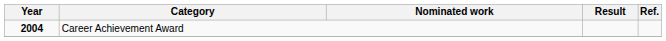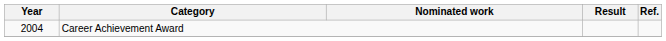 <table class=wikitable>
 <tr>
 <th scope="col" style="width:5em;">Year</th>
 <th scope="col" style="width:26em;">Category</th>
 <th scope="col" style="width:25em;">Nominated work</th>
 <th scope="col" style="width:5em;">Result</th>
 <th>Ref.</th>
 </tr>
 <tr>
-<td style="text-align:center;"><strong>2004</strong></td>
+<td style="text-align:center;">2004</td>
 <td colspan=2>Career Achievement Award</td>
 <td></td>
 <td></td>
 </tr>
 <tr>
 </tr>
 </table>
